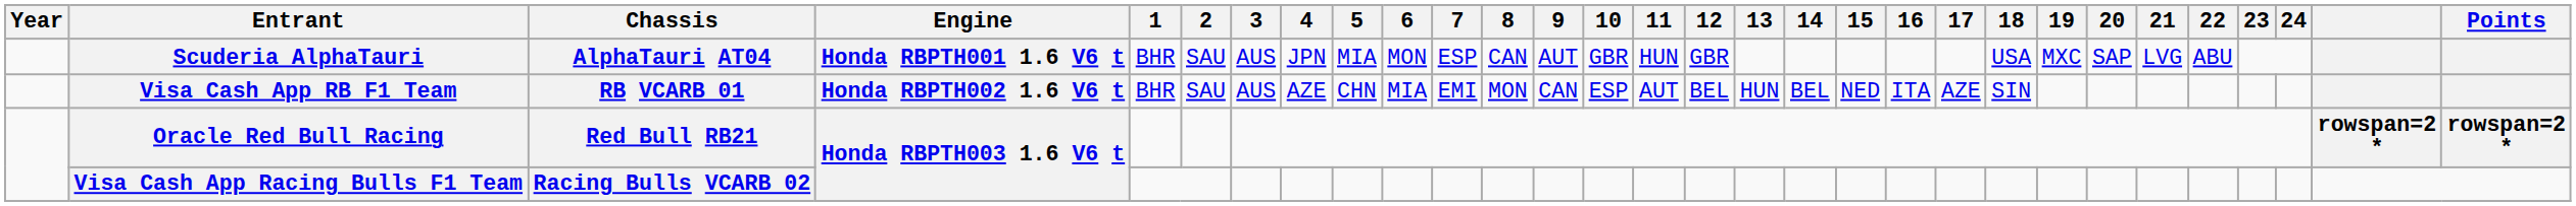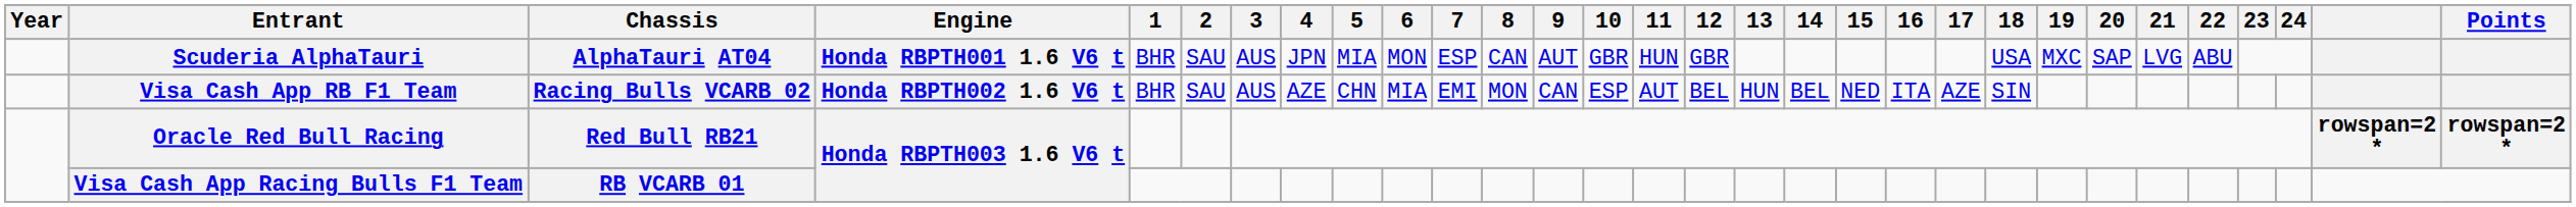 <table class="wikitable" style="text-align:center; font-size:85%">
 <tr>
 <th>Year</th>
 <th>Entrant</th>
 <th>Chassis</th>
 <th>Engine</th>
 <th>1</th>
 <th>2</th>
 <th>3</th>
 <th>4</th>
 <th>5</th>
 <th>6</th>
 <th>7</th>
 <th>8</th>
 <th>9</th>
 <th>10</th>
 <th>11</th>
 <th>12</th>
 <th>13</th>
 <th>14</th>
 <th>15</th>
 <th>16</th>
 <th>17</th>
 <th>18</th>
 <th>19</th>
 <th>20</th>
 <th>21</th>
 <th>22</th>
 <th>23</th>
 <th>24</th>
 <th></th>
 <th><a href='#'>Points</a></th>
 </tr>
 <tr>
 <td id=2023R></td>
 <th nowrap><a href='#'>Scuderia AlphaTauri</a></th>
 <th nowrap><a href='#'>AlphaTauri</a> <a href='#'>AT04</a></th>
 <th nowrap><a href='#'>Honda</a> <a href='#'>RBPTH001</a> 1.6 <a href='#'>V6</a> <a href='#'>t</a></th>
 <td><a href='#'>BHR</a></td>
 <td><a href='#'>SAU</a></td>
 <td><a href='#'>AUS</a></td>
 <td><a href='#'>JPN</a></td>
 <td><a href='#'>MIA</a></td>
 <td><a href='#'>MON</a></td>
 <td><a href='#'>ESP</a></td>
 <td><a href='#'>CAN</a></td>
 <td><a href='#'>AUT</a></td>
 <td><a href='#'>GBR</a></td>
 <td><a href='#'>HUN</a></td>
 <td><a href='#'>GBR</a></td>
 <td></td>
 <td></td>
 <td></td>
 <td></td>
 <td></td>
 <td><a href='#'>USA</a></td>
 <td><a href='#'>MXC</a></td>
 <td><a href='#'>SAP</a></td>
 <td><a href='#'>LVG</a></td>
 <td><a href='#'>ABU</a></td>
 <td colspan=2></td>
 <th></th>
 <th></th>
 </tr>
 <tr>
 <td id=2024R></td>
 <th nowrap><a href='#'>Visa Cash App RB F1 Team</a></th>
-<th nowrap><a href='#'>RB</a> <a href='#'>VCARB 01</a></th>
+<th nowrap><a href='#'>Racing Bulls</a> <a href='#'>VCARB 02</a></th>
 <th nowrap><a href='#'>Honda</a> <a href='#'>RBPTH002</a> 1.6 <a href='#'>V6</a> <a href='#'>t</a></th>
 <td><a href='#'>BHR</a></td>
 <td><a href='#'>SAU</a></td>
 <td><a href='#'>AUS</a></td>
 <td><a href='#'>AZE</a></td>
 <td><a href='#'>CHN</a></td>
 <td><a href='#'>MIA</a></td>
 <td><a href='#'>EMI</a></td>
 <td><a href='#'>MON</a></td>
 <td><a href='#'>CAN</a></td>
 <td><a href='#'>ESP</a></td>
 <td><a href='#'>AUT</a></td>
 <td><a href='#'>BEL</a></td>
 <td><a href='#'>HUN</a></td>
 <td><a href='#'>BEL</a></td>
 <td><a href='#'>NED</a></td>
 <td><a href='#'>ITA</a></td>
 <td><a href='#'>AZE</a></td>
 <td><a href='#'>SIN</a></td>
 <td></td>
 <td></td>
 <td></td>
 <td></td>
 <td></td>
 <td></td>
 <th></th>
 <th></th>
 </tr>
 <tr>
 <td id=2025R rowspan=2></td>
 <th nowrap><a href='#'>Oracle Red Bull Racing</a></th>
 <th nowrap><a href='#'>Red Bull</a> <a href='#'>RB21</a></th>
 <th rowspan=2 nowrap><a href='#'>Honda</a> <a href='#'>RBPTH003</a> 1.6 <a href='#'>V6</a> <a href='#'>t</a></th>
 <td></td>
 <td></td>
 <td colspan=22></td>
 <th>rowspan=2 *</th>
 <th>rowspan=2 *</th>
 </tr>
 <tr>
 <th nowrap><a href='#'>Visa Cash App Racing Bulls F1 Team</a></th>
-<th nowrap><a href='#'>Racing Bulls</a> <a href='#'>VCARB 02</a></th>
+<th nowrap><a href='#'>RB</a> <a href='#'>VCARB 01</a></th>
 <td colspan=2></td>
 <td></td>
 <td></td>
 <td></td>
 <td></td>
 <td></td>
 <td></td>
 <td></td>
 <td></td>
 <td></td>
 <td></td>
 <td></td>
 <td></td>
 <td></td>
 <td></td>
 <td></td>
 <td></td>
 <td></td>
 <td></td>
 <td></td>
 <td></td>
 <td></td>
 <td></td>
 </tr>
 </table>
